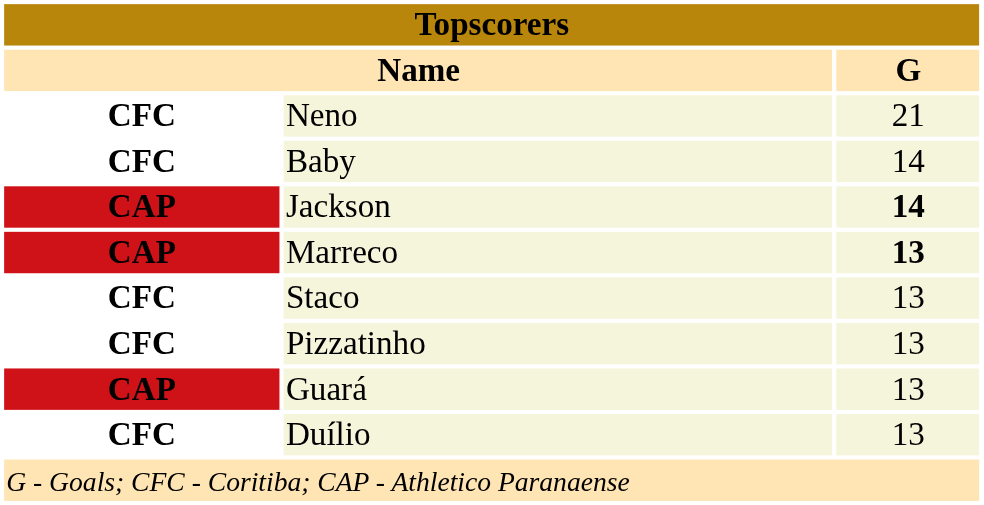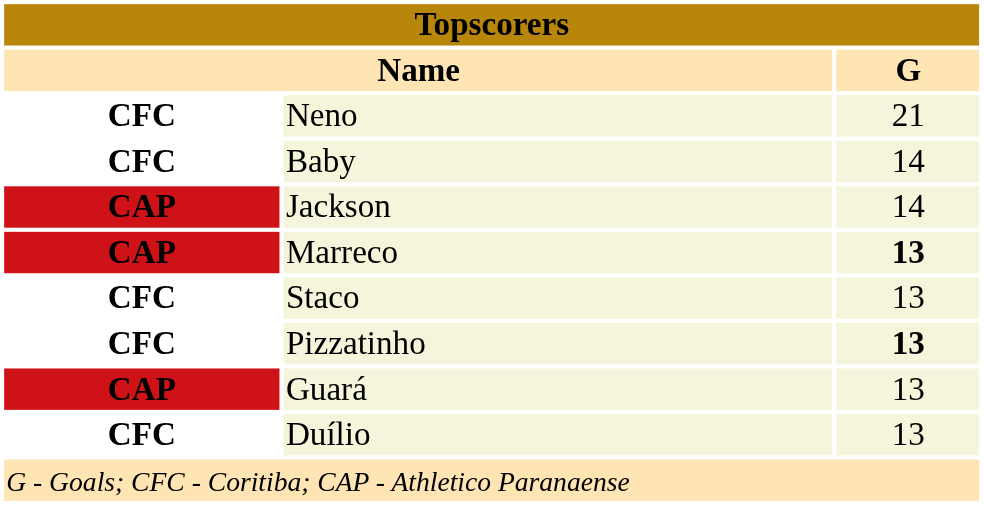 <table width=30%>
 <tr>
 <th colspan="10" bgcolor=#B8860B><span>Topscorers</span></th>
 </tr>
 <tr>
 <th colspan="2" bgcolor=#ffe5b4><span>Name</span></th>
 <th bgcolor=#ffe5b4 align="center"><span>G</span></th>
 </tr>
 <tr>
 <th bgcolor:white align="center"><span>CFC</span></th>
 <td bgcolor=#f5f5dc>Neno</td>
 <td bgcolor=#f5f5dc align="center">21</td>
 </tr>
 <tr>
 <th bgcolor:white align="center"><span>CFC</span></th>
 <td bgcolor=#f5f5dc>Baby</td>
 <td bgcolor=#f5f5dc align="center">14</td>
 </tr>
 <tr>
 <th bgcolor=#cf1118 align="center"><span>CAP</span></th>
 <td bgcolor=#f5f5dc>Jackson</td>
-<td bgcolor=#f5f5dc align="center"><strong>14</strong></td>
+<td bgcolor=#f5f5dc align="center">14</td>
 </tr>
 <tr>
 <th bgcolor=#cf1118 align="center"><span>CAP</span></th>
 <td bgcolor=#f5f5dc>Marreco</td>
 <td bgcolor=#f5f5dc align="center"><strong>13</strong></td>
 </tr>
 <tr>
 <th bgcolor:white align="center"><span>CFC</span></th>
 <td bgcolor=#f5f5dc>Staco</td>
 <td bgcolor=#f5f5dc align="center">13</td>
 </tr>
 <tr>
 <th bgcolor:white align="center"><span>CFC</span></th>
 <td bgcolor=#f5f5dc>Pizzatinho</td>
-<td bgcolor=#f5f5dc align="center">13</td>
+<td bgcolor=#f5f5dc align="center"><strong>13</strong></td>
 </tr>
 <tr>
 <th bgcolor=#cf1118 align="center"><span>CAP</span></th>
 <td bgcolor=#f5f5dc>Guará</td>
 <td bgcolor=#f5f5dc align="center">13</td>
 </tr>
 <tr>
 <th bgcolor:white align="center"><span>CFC</span></th>
 <td bgcolor=#f5f5dc>Duílio</td>
 <td bgcolor=#f5f5dc align="center">13</td>
 </tr>
 <tr bgcolor=#ffe5b4>
 <td colspan="10"><small><em>G - Goals; CFC - Coritiba; CAP - Athletico Paranaense</em></small></td>
 </tr>
 </table>
